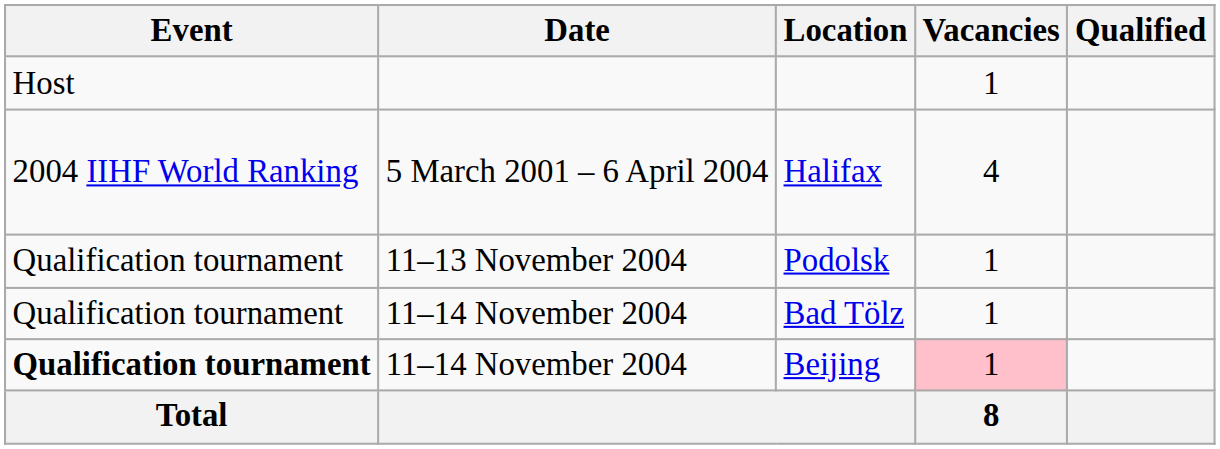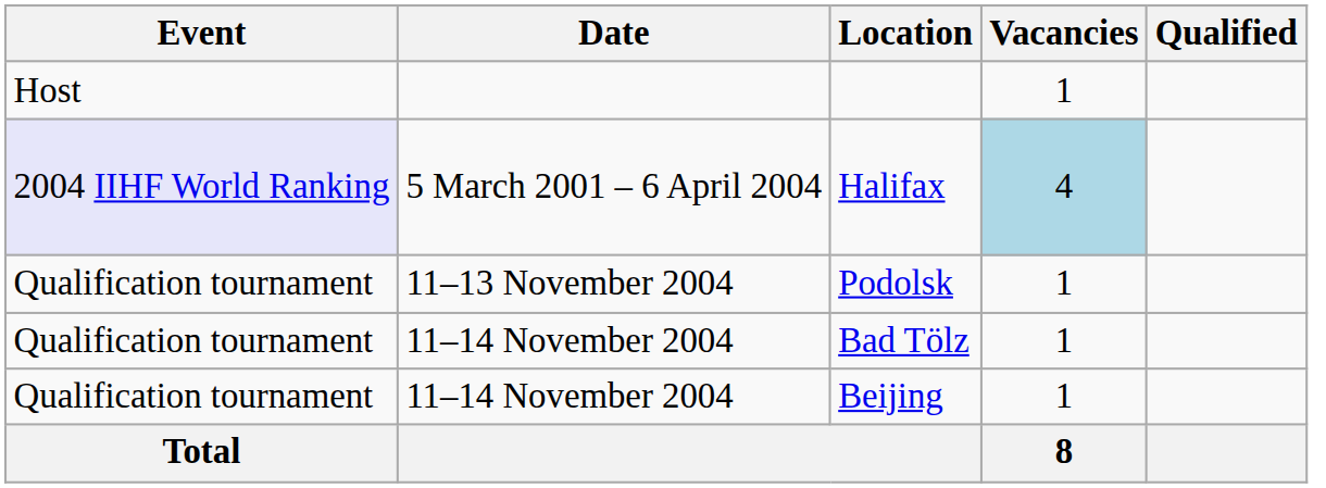 <table class="wikitable">
 <tr>
 <th>Event</th>
 <th>Date</th>
 <th>Location</th>
 <th>Vacancies</th>
 <th>Qualified</th>
 </tr>
 <tr>
 <td>Host</td>
 <td></td>
 <td></td>
 <td align=center>1</td>
 <td></td>
 </tr>
 <tr>
-<td>2004 <a href='#'>IIHF World Ranking</a></td>
+<td style="background: lavender;">2004 <a href='#'>IIHF World Ranking</a></td>
 <td>5 March 2001 – 6 April 2004</td>
 <td> <a href='#'>Halifax</a></td>
-<td align=center>4</td>
+<td align=center style="background: lightblue;">4</td>
 <td><br><br><br></td>
 </tr>
 <tr>
 <td>Qualification tournament</td>
 <td>11–13 November 2004</td>
 <td> <a href='#'>Podolsk</a></td>
 <td align=center>1</td>
 <td></td>
 </tr>
 <tr>
 <td>Qualification tournament</td>
 <td>11–14 November 2004</td>
 <td> <a href='#'>Bad Tölz</a></td>
 <td align=center>1</td>
 <td></td>
 </tr>
 <tr>
-<td><strong>Qualification tournament</strong></td>
+<td>Qualification tournament</td>
 <td>11–14 November 2004</td>
 <td> <a href='#'>Beijing</a></td>
-<td align=center style="background: pink;">1</td>
+<td align=center>1</td>
 <td></td>
 </tr>
 <tr>
 <th>Total</th>
 <th colspan="2"></th>
 <th>8</th>
 <th></th>
 </tr>
 </table>
